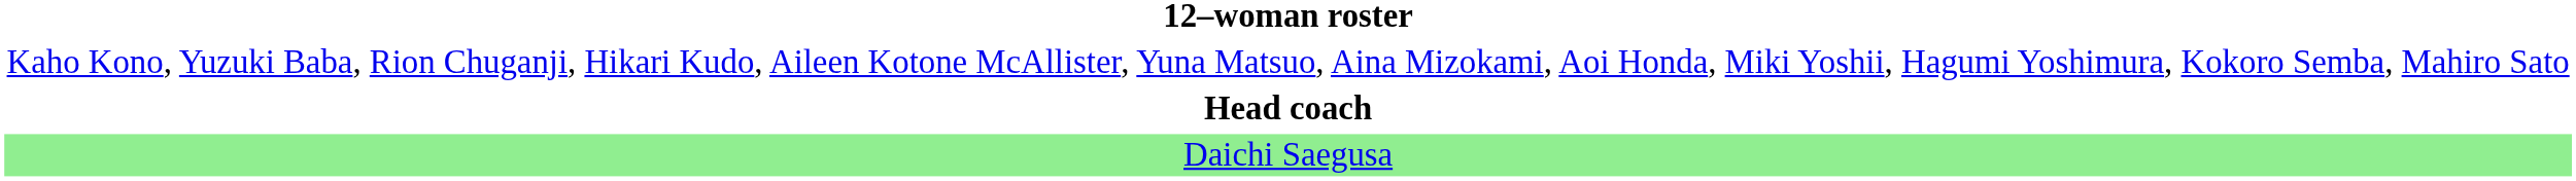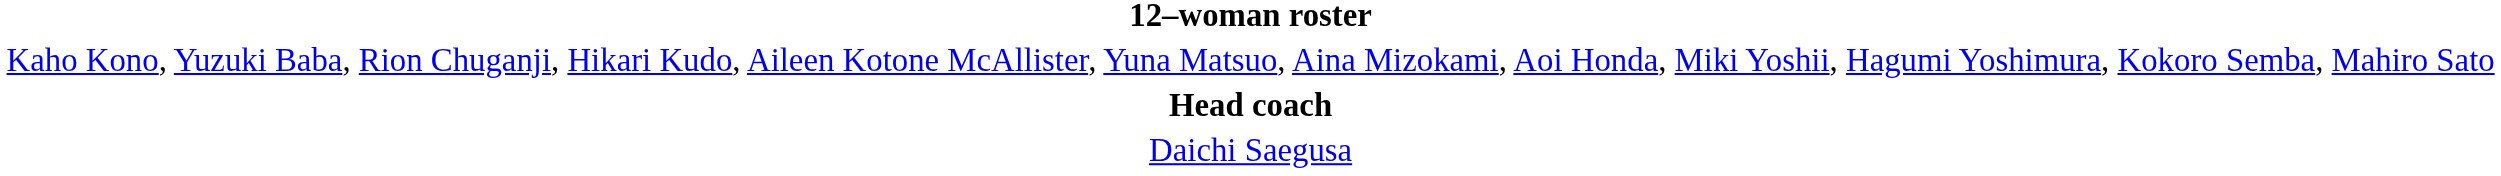 <table style="text-align:center; margin-top:2em; margin-left:auto; margin-right:auto">
 <tr>
 <td><strong>12–woman roster</strong></td>
 </tr>
 <tr>
 <td><a href='#'>Kaho Kono</a>, <a href='#'>Yuzuki Baba</a>, <a href='#'>Rion Chuganji</a>, <a href='#'>Hikari Kudo</a>, <a href='#'>Aileen Kotone McAllister</a>, <a href='#'>Yuna Matsuo</a>, <a href='#'>Aina Mizokami</a>, <a href='#'>Aoi Honda</a>, <a href='#'>Miki Yoshii</a>, <a href='#'>Hagumi Yoshimura</a>, <a href='#'>Kokoro Semba</a>, <a href='#'>Mahiro Sato</a></td>
 </tr>
 <tr>
 <td><strong>Head coach</strong></td>
 </tr>
 <tr>
-<td style="background: lightgreen;"><a href='#'>Daichi Saegusa</a></td>
+<td><a href='#'>Daichi Saegusa</a></td>
 </tr>
 </table>
